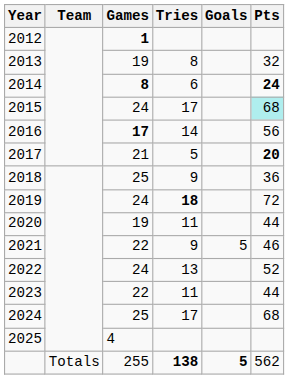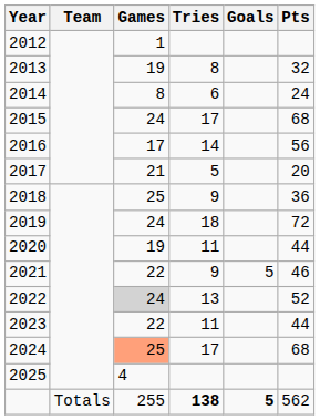 <table class="wikitable">
 <tr>
 <th>Year</th>
 <th>Team</th>
 <th>Games</th>
 <th>Tries</th>
 <th>Goals</th>
 <th>Pts</th>
 </tr>
 <tr>
 <td>2012</td>
 <td rowspan="6"></td>
-<td align="right"><strong>1</strong></td>
+<td align="right">1</td>
 <td align="right"></td>
 <td align="right"></td>
 <td align="right"></td>
 </tr>
 <tr>
 <td>2013</td>
 <td align="right">19</td>
 <td align="right">8</td>
 <td align="right"></td>
 <td align="right">32</td>
 </tr>
 <tr>
 <td>2014</td>
-<td align="right"><strong>8</strong></td>
+<td align="right">8</td>
 <td align="right">6</td>
 <td align="right"></td>
-<td align="right"><strong>24</strong></td>
+<td align="right">24</td>
 </tr>
 <tr>
 <td>2015</td>
 <td align="right">24</td>
 <td align="right">17</td>
 <td align="right"></td>
-<td align="right" style="background: paleturquoise;">68</td>
+<td align="right">68</td>
 </tr>
 <tr>
 <td>2016</td>
-<td align="right"><strong>17</strong></td>
+<td align="right">17</td>
 <td align="right">14</td>
 <td align="right"></td>
 <td align="right">56</td>
 </tr>
 <tr>
 <td>2017</td>
 <td align="right">21</td>
 <td align="right">5</td>
 <td align="right"></td>
-<td align="right"><strong>20</strong></td>
+<td align="right">20</td>
 </tr>
 <tr>
 <td>2018</td>
 <td rowspan="8"></td>
 <td align="right">25</td>
 <td align="right">9</td>
 <td align="right"></td>
 <td align="right">36</td>
 </tr>
 <tr>
 <td>2019</td>
 <td align="right">24</td>
-<td align="right"><strong>18</strong></td>
+<td align="right">18</td>
 <td align="right"></td>
 <td align="right">72</td>
 </tr>
 <tr>
 <td>2020</td>
 <td align="right">19</td>
 <td align="right">11</td>
 <td align="right"></td>
 <td align="right">44</td>
 </tr>
 <tr>
 <td>2021</td>
 <td align="right">22</td>
 <td align="right">9</td>
 <td align="right">5</td>
 <td align="right">46</td>
 </tr>
 <tr>
 <td>2022</td>
-<td align="right">24</td>
+<td align="right" style="background: lightgrey;">24</td>
 <td align="right">13</td>
 <td align="right"></td>
 <td align="right">52</td>
 </tr>
 <tr>
 <td>2023</td>
 <td align="right">22</td>
 <td align="right">11</td>
 <td align="right"></td>
 <td align="right">44</td>
 </tr>
 <tr>
 <td>2024</td>
-<td align="right">25</td>
+<td align="right" style="background: lightsalmon;">25</td>
 <td align="right">17</td>
 <td align="right"></td>
 <td align="right">68</td>
 </tr>
 <tr>
 <td>2025</td>
 <td>4</td>
 <td></td>
 <td></td>
 <td></td>
 </tr>
 <tr>
 <td></td>
 <td>Totals</td>
 <td align="right">255</td>
 <td align="right"><strong>138</strong></td>
 <td align="right"><strong>5</strong></td>
 <td align="right">562</td>
 </tr>
 </table>
